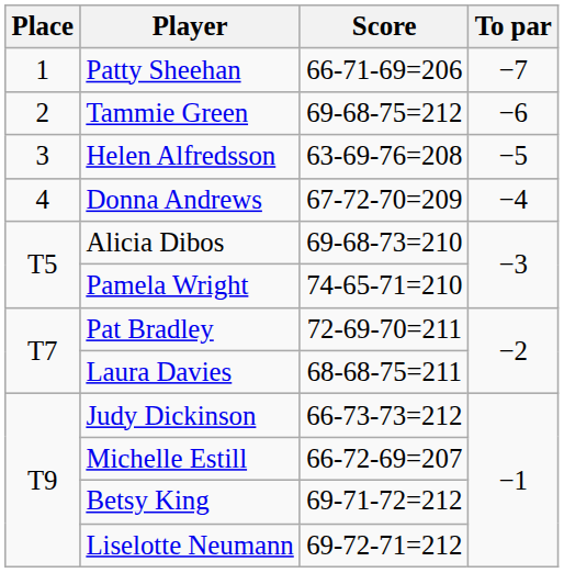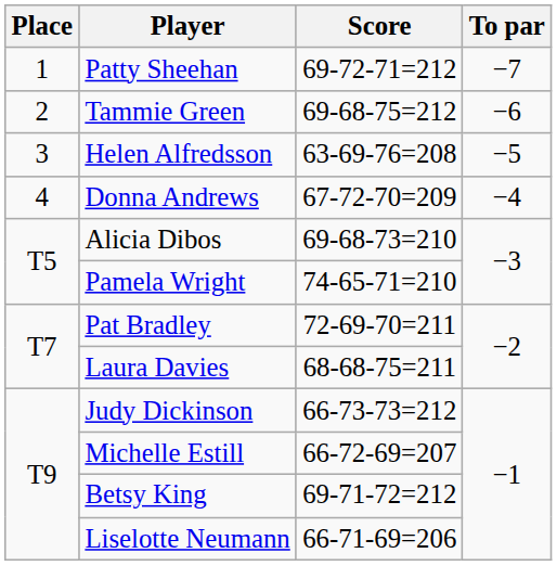 <table class=wikitable style="text-align:center">
 <tr>
 <th>Place</th>
 <th>Player</th>
 <th>Score</th>
 <th>To par</th>
 </tr>
 <tr>
 <td>1</td>
 <td align=left> <a href='#'>Patty Sheehan</a></td>
-<td>66-71-69=206</td>
+<td>69-72-71=212</td>
 <td>−7</td>
 </tr>
 <tr>
 <td>2</td>
 <td align=left> <a href='#'>Tammie Green</a></td>
 <td>69-68-75=212</td>
 <td>−6</td>
 </tr>
 <tr>
 <td>3</td>
 <td align=left> <a href='#'>Helen Alfredsson</a></td>
 <td>63-69-76=208</td>
 <td>−5</td>
 </tr>
 <tr>
 <td>4</td>
 <td align=left> <a href='#'>Donna Andrews</a></td>
 <td>67-72-70=209</td>
 <td>−4</td>
 </tr>
 <tr>
 <td rowspan=2>T5</td>
 <td align=left> Alicia Dibos</td>
 <td>69-68-73=210</td>
 <td rowspan=2>−3</td>
 </tr>
 <tr>
 <td align=left> <a href='#'>Pamela Wright</a></td>
 <td>74-65-71=210</td>
 </tr>
 <tr>
 <td rowspan=2>T7</td>
 <td align=left> <a href='#'>Pat Bradley</a></td>
 <td>72-69-70=211</td>
 <td rowspan=2>−2</td>
 </tr>
 <tr>
 <td align=left> <a href='#'>Laura Davies</a></td>
 <td>68-68-75=211</td>
 </tr>
 <tr>
 <td rowspan=4>T9</td>
 <td align=left> <a href='#'>Judy Dickinson</a></td>
 <td>66-73-73=212</td>
 <td rowspan=4>−1</td>
 </tr>
 <tr>
 <td align=left> <a href='#'>Michelle Estill</a></td>
 <td>66-72-69=207</td>
 </tr>
 <tr>
 <td align=left> <a href='#'>Betsy King</a></td>
 <td>69-71-72=212</td>
 </tr>
 <tr>
 <td> <a href='#'>Liselotte Neumann</a></td>
-<td>69-72-71=212</td>
+<td>66-71-69=206</td>
 </tr>
 </table>
